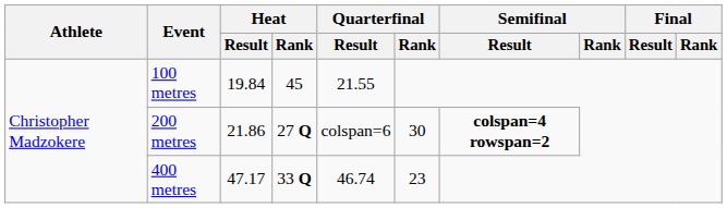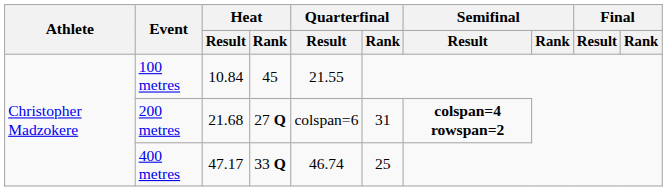 <table class=wikitable style=font-size:90%>
 <tr>
 <th rowspan=2>Athlete</th>
 <th rowspan=2>Event</th>
 <th colspan=2>Heat</th>
 <th colspan=2>Quarterfinal</th>
 <th colspan=2>Semifinal</th>
 <th colspan=2>Final</th>
 </tr>
 <tr style=font-size:95%>
 <th>Result</th>
 <th>Rank</th>
 <th>Result</th>
 <th>Rank</th>
 <th>Result</th>
 <th>Rank</th>
 <th>Result</th>
 <th>Rank</th>
 </tr>
 <tr align=center>
 <td align=left rowspan=3><a href='#'>Christopher Madzokere</a></td>
 <td align=left><a href='#'>100 metres</a></td>
-<td>19.84</td>
+<td>10.84</td>
 <td>45</td>
 <td>21.55</td>
 </tr>
 <tr align=center>
 <td align=left><a href='#'>200 metres</a></td>
-<td>21.86</td>
+<td>21.68</td>
 <td>27 <strong>Q</strong></td>
 <td>colspan=6 </td>
-<td>30</td>
+<td>31</td>
 <td><strong>colspan=4 rowspan=2 </strong></td>
 </tr>
 <tr align=center>
 <td align=left><a href='#'>400 metres</a></td>
 <td>47.17</td>
 <td>33 <strong>Q</strong></td>
 <td>46.74</td>
-<td>23</td>
+<td>25</td>
 </tr>
 </table>
